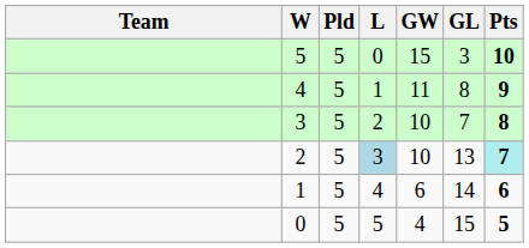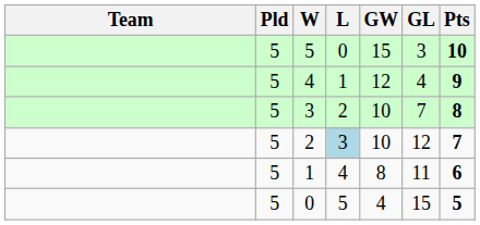 <table class="wikitable" style="text-align:center">
 <tr>
 <th width=200>Team</th>
+<th width=20>Pld</th>
 <th width=20>W</th>
-<th width=20>Pld</th>
 <th width=20>L</th>
 <th width=20>GW</th>
 <th width=20>GL</th>
 <th width=20>Pts</th>
 </tr>
 <tr bgcolor="ccffcc">
 <td style="text-align:left;"></td>
 <td>5</td>
 <td>5</td>
 <td>0</td>
 <td>15</td>
 <td>3</td>
 <td><strong>10</strong></td>
 </tr>
 <tr bgcolor="ccffcc">
 <td style="text-align:left;"></td>
+<td>5</td>
 <td>4</td>
-<td>5</td>
 <td>1</td>
-<td>11</td>
-<td>8</td>
+<td>12</td>
+<td>4</td>
 <td><strong>9</strong></td>
 </tr>
 <tr bgcolor="ccffcc">
 <td style="text-align:left;"></td>
+<td>5</td>
 <td>3</td>
-<td>5</td>
 <td>2</td>
 <td>10</td>
 <td>7</td>
 <td><strong>8</strong></td>
 </tr>
 <tr>
 <td style="text-align:left;"></td>
+<td>5</td>
 <td>2</td>
-<td>5</td>
 <td style="background: lightblue;">3</td>
 <td>10</td>
-<td>13</td>
-<td style="background: paleturquoise;"><strong>7</strong></td>
+<td>12</td>
+<td><strong>7</strong></td>
 </tr>
 <tr>
 <td style="text-align:left;"></td>
+<td>5</td>
 <td>1</td>
-<td>5</td>
 <td>4</td>
-<td>6</td>
-<td>14</td>
+<td>8</td>
+<td>11</td>
 <td><strong>6</strong></td>
 </tr>
 <tr>
 <td style="text-align:left;"></td>
+<td>5</td>
 <td>0</td>
-<td>5</td>
 <td>5</td>
 <td>4</td>
 <td>15</td>
 <td><strong>5</strong></td>
 </tr>
 </table>
